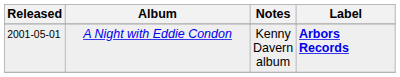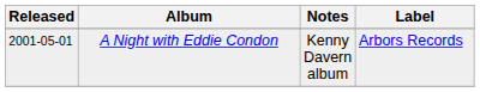 <table Class="wikitable"|width=100%>
 <tr bgcolor="#CCCCCC">
 <th align="center" valign="bottom" width="20">Released</th>
 <th align="center" valign="bottom" width="230">Album</th>
 <th align="center" valign="bottom" width="50">Notes</th>
 <th align="center" valign="bottom" width="120">Label</th>
 </tr>
 <tr>
 </tr>
 <tr bgcolor="#efefef">
 <td align="left" valign="top"><small>2001-05-01</small></td>
 <td align="center" valign="top"><em><a href='#'>A Night with Eddie Condon</a></em></td>
 <td valign="top" align="center">Kenny Davern album</td>
-<td align="left" valign="top"><strong><a href='#'>Arbors Records</a></strong></td>
+<td align="left" valign="top"><a href='#'>Arbors Records</a></td>
 </tr>
 <tr>
 </tr>
 </table>
